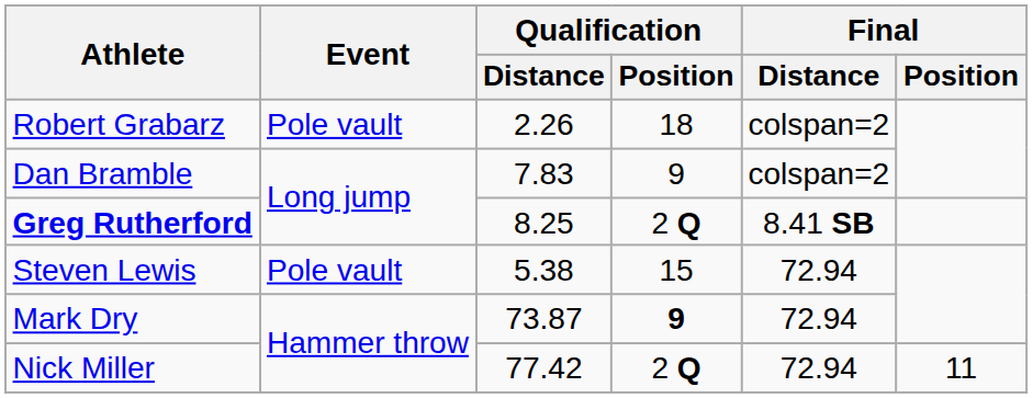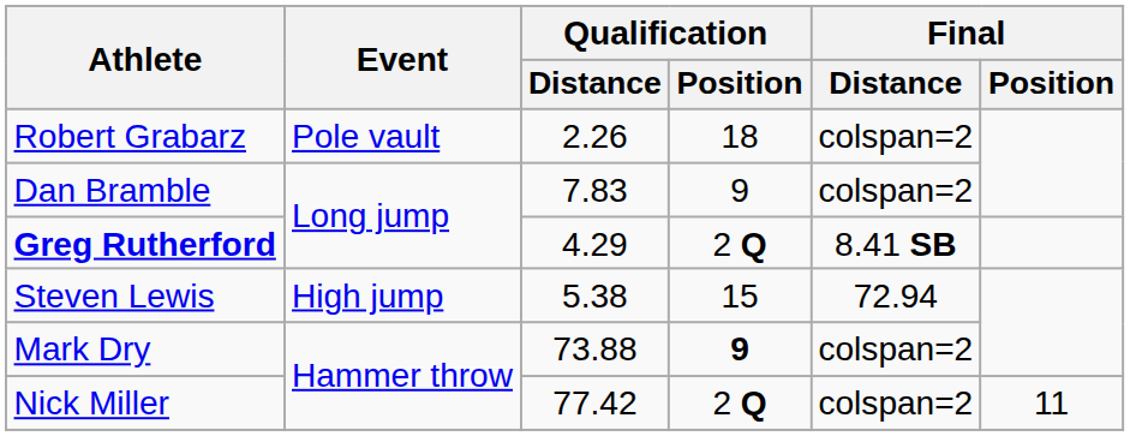 <table class=wikitable style="font-size:90%">
 <tr>
 <th rowspan="2">Athlete</th>
 <th rowspan="2">Event</th>
 <th colspan="2">Qualification</th>
 <th colspan="2">Final</th>
 </tr>
 <tr style="font-size:95%">
 <th>Distance</th>
 <th>Position</th>
 <th>Distance</th>
 <th>Position</th>
 </tr>
 <tr style=text-align:center>
 <td style=text-align:left><a href='#'>Robert Grabarz</a></td>
 <td style=text-align:left><a href='#'>Pole vault</a></td>
 <td>2.26</td>
 <td>18</td>
 <td>colspan=2</td>
 </tr>
 <tr style=text-align:center>
 <td style=text-align:left><a href='#'>Dan Bramble</a></td>
 <td style=text-align:left rowspan=2><a href='#'>Long jump</a></td>
 <td>7.83</td>
 <td>9</td>
 <td>colspan=2</td>
 </tr>
 <tr style=text-align:center>
 <td style=text-align:left><strong><a href='#'>Greg Rutherford</a></strong></td>
-<td>8.25</td>
+<td>4.29</td>
 <td>2 <strong>Q</strong></td>
 <td>8.41 <strong>SB</strong></td>
 <td></td>
 </tr>
 <tr style=text-align:center>
 <td style=text-align:left><a href='#'>Steven Lewis</a></td>
-<td style=text-align:left><a href='#'>Pole vault</a></td>
+<td style=text-align:left><a href='#'>High jump</a></td>
 <td>5.38</td>
 <td>15</td>
 <td>72.94</td>
 </tr>
 <tr style=text-align:center>
 <td style=text-align:left><a href='#'>Mark Dry</a></td>
 <td style=text-align:left rowspan=2><a href='#'>Hammer throw</a></td>
-<td>73.87</td>
+<td>73.88</td>
 <td><strong>9</strong></td>
-<td>72.94</td>
+<td>colspan=2</td>
 </tr>
 <tr style=text-align:center>
 <td style=text-align:left><a href='#'>Nick Miller</a></td>
 <td>77.42</td>
 <td>2 <strong>Q</strong></td>
-<td>72.94</td>
+<td>colspan=2</td>
 <td>11</td>
 </tr>
 </table>
